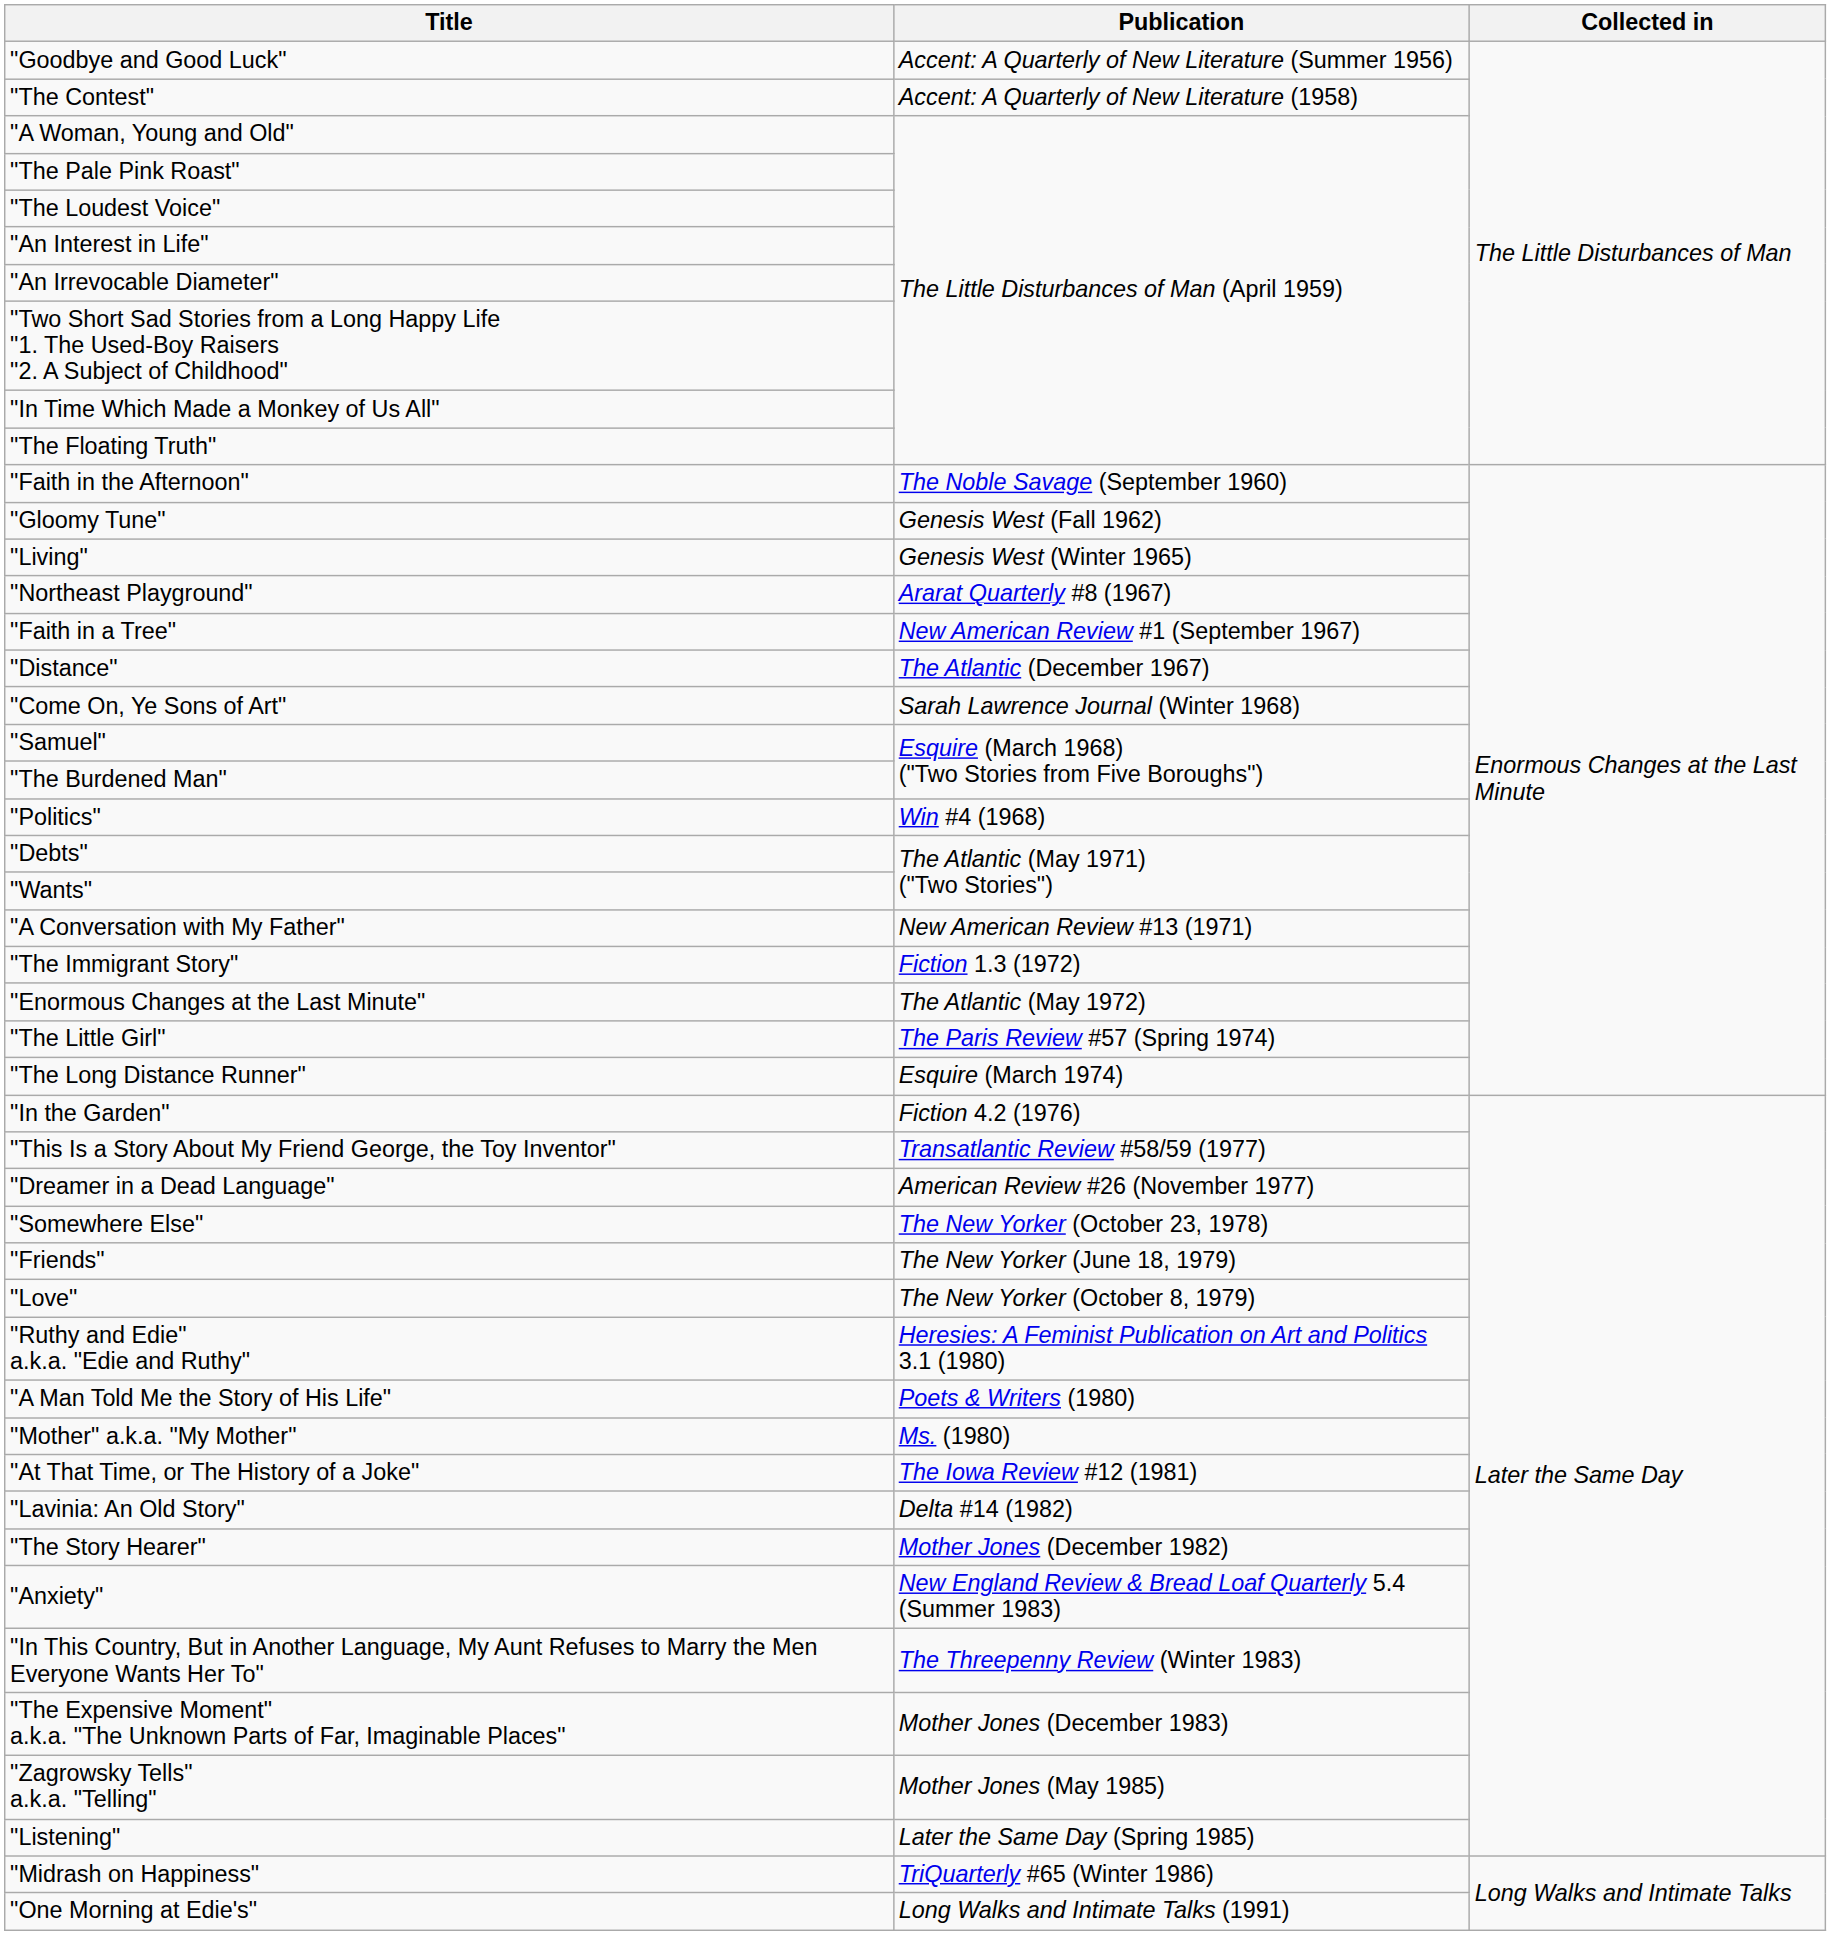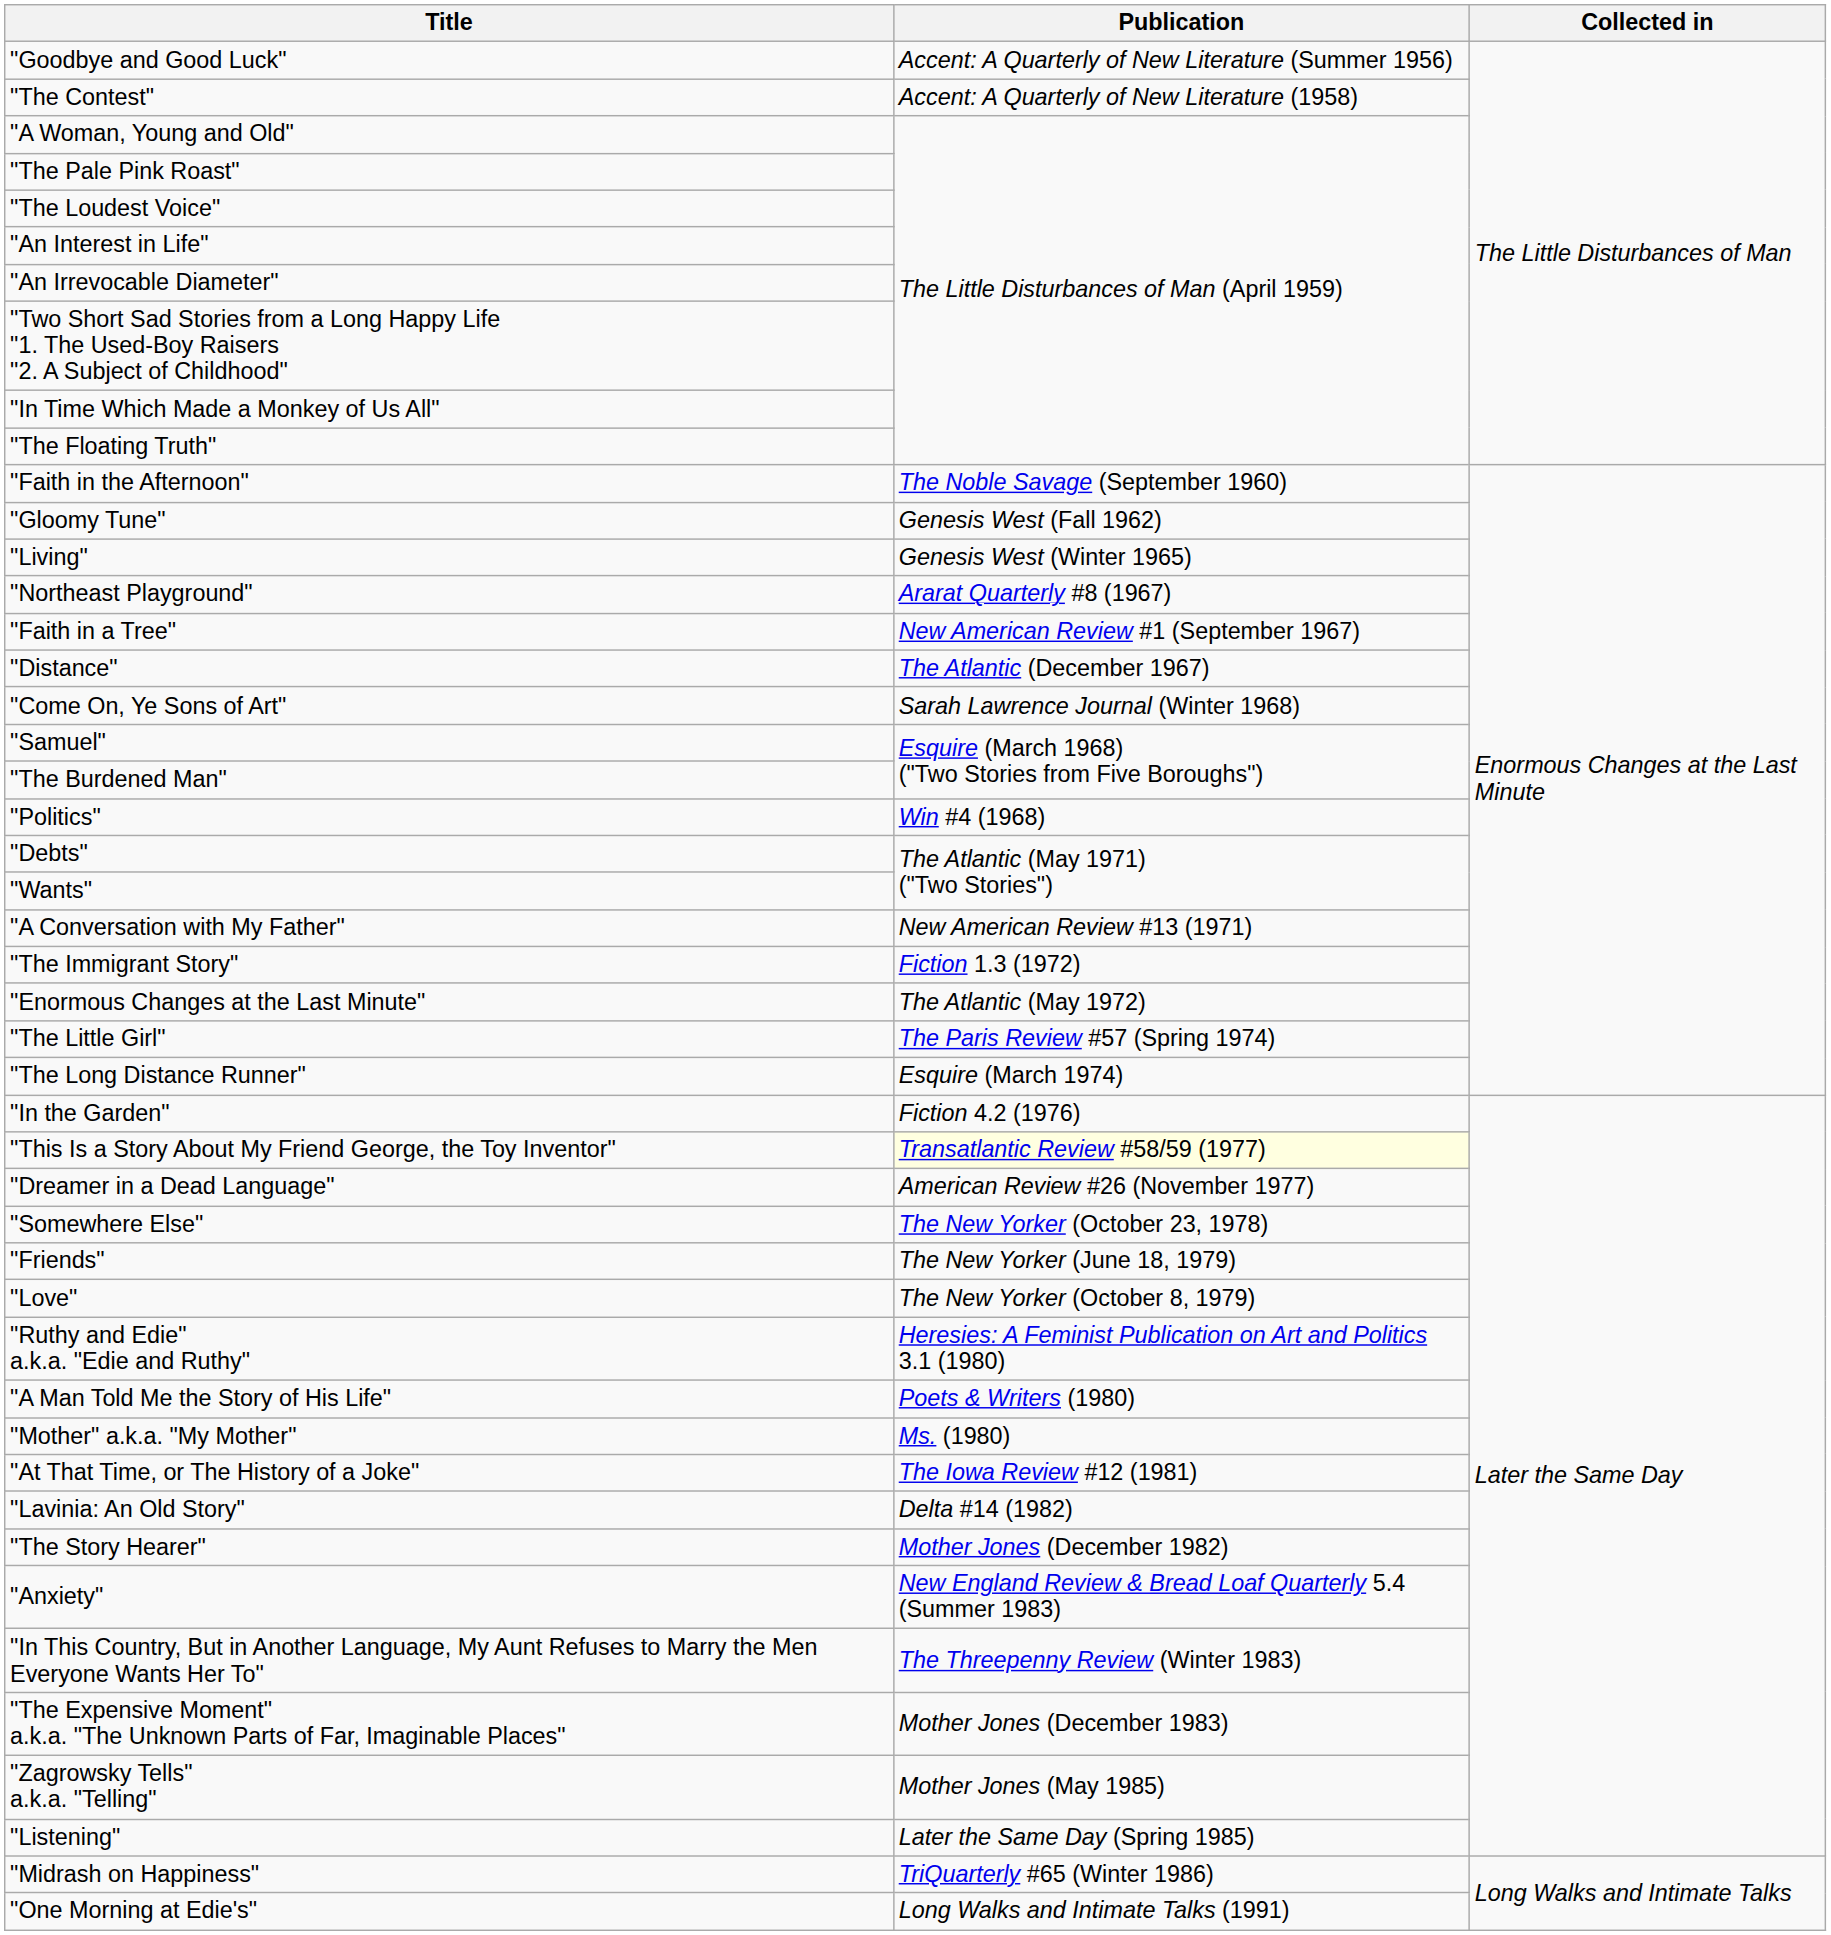 <table class="wikitable">
 <tr>
 <th>Title</th>
 <th>Publication</th>
 <th>Collected in</th>
 </tr>
 <tr>
 <td>"Goodbye and Good Luck"</td>
 <td><em>Accent: A Quarterly of New Literature</em> (Summer 1956)</td>
 <td rowspan=10><em>The Little Disturbances of Man</em></td>
 </tr>
 <tr>
 <td>"The Contest"</td>
 <td><em>Accent: A Quarterly of New Literature</em> (1958)</td>
 </tr>
 <tr>
 <td>"A Woman, Young and Old"</td>
 <td rowspan=8><em>The Little Disturbances of Man</em> (April 1959)</td>
 </tr>
 <tr>
 <td>"The Pale Pink Roast"</td>
 </tr>
 <tr>
 <td>"The Loudest Voice"</td>
 </tr>
 <tr>
 <td>"An Interest in Life"</td>
 </tr>
 <tr>
 <td>"An Irrevocable Diameter"</td>
 </tr>
 <tr>
 <td>"Two Short Sad Stories from a Long Happy Life<br>"1. The Used-Boy Raisers<br>"2. A Subject of Childhood"</td>
 </tr>
 <tr>
 <td>"In Time Which Made a Monkey of Us All"</td>
 </tr>
 <tr>
 <td>"The Floating Truth"</td>
 </tr>
 <tr>
 <td>"Faith in the Afternoon"</td>
 <td><em><a href='#'>The Noble Savage</a></em> (September 1960)</td>
 <td rowspan=17><em>Enormous Changes at the Last Minute</em></td>
 </tr>
 <tr>
 <td>"Gloomy Tune"</td>
 <td><em>Genesis West</em> (Fall 1962)</td>
 </tr>
 <tr>
 <td>"Living"</td>
 <td><em>Genesis West</em> (Winter 1965)</td>
 </tr>
 <tr>
 <td>"Northeast Playground"</td>
 <td><em><a href='#'>Ararat Quarterly</a></em> #8 (1967)</td>
 </tr>
 <tr>
 <td>"Faith in a Tree"</td>
 <td><em><a href='#'>New American Review</a></em> #1 (September 1967)</td>
 </tr>
 <tr>
 <td>"Distance"</td>
 <td><em><a href='#'>The Atlantic</a></em> (December 1967)</td>
 </tr>
 <tr>
 <td>"Come On, Ye Sons of Art"</td>
 <td><em>Sarah Lawrence Journal</em> (Winter 1968)</td>
 </tr>
 <tr>
 <td>"Samuel"</td>
 <td rowspan=2><em><a href='#'>Esquire</a></em> (March 1968)<br>("Two Stories from Five Boroughs")</td>
 </tr>
 <tr>
 <td>"The Burdened Man"</td>
 </tr>
 <tr>
 <td>"Politics"</td>
 <td><em><a href='#'>Win</a></em> #4 (1968)</td>
 </tr>
 <tr>
 <td>"Debts"</td>
 <td rowspan=2><em>The Atlantic</em> (May 1971)<br>("Two Stories")</td>
 </tr>
 <tr>
 <td>"Wants"</td>
 </tr>
 <tr>
 <td>"A Conversation with My Father"</td>
 <td><em>New American Review</em> #13 (1971)</td>
 </tr>
 <tr>
 <td>"The Immigrant Story"</td>
 <td><em><a href='#'>Fiction</a></em> 1.3 (1972)</td>
 </tr>
 <tr>
 <td>"Enormous Changes at the Last Minute"</td>
 <td><em>The Atlantic</em> (May 1972)</td>
 </tr>
 <tr>
 <td>"The Little Girl"</td>
 <td><em><a href='#'>The Paris Review</a></em> #57 (Spring 1974)</td>
 </tr>
 <tr>
 <td>"The Long Distance Runner"</td>
 <td><em>Esquire</em> (March 1974)</td>
 </tr>
 <tr>
 <td>"In the Garden"</td>
 <td><em>Fiction</em> 4.2 (1976)</td>
 <td rowspan=17><em>Later the Same Day</em></td>
 </tr>
 <tr>
 <td>"This Is a Story About My Friend George, the Toy Inventor"</td>
-<td><em><a href='#'>Transatlantic Review</a></em> #58/59 (1977)</td>
+<td style="background: lightyellow;"><em><a href='#'>Transatlantic Review</a></em> #58/59 (1977)</td>
 </tr>
 <tr>
 <td>"Dreamer in a Dead Language"</td>
 <td><em>American Review</em> #26 (November 1977)</td>
 </tr>
 <tr>
 <td>"Somewhere Else"</td>
 <td><em><a href='#'>The New Yorker</a></em> (October 23, 1978)</td>
 </tr>
 <tr>
 <td>"Friends"</td>
 <td><em>The New Yorker</em> (June 18, 1979)</td>
 </tr>
 <tr>
 <td>"Love"</td>
 <td><em>The New Yorker</em> (October 8, 1979)</td>
 </tr>
 <tr>
 <td>"Ruthy and Edie"<br>a.k.a. "Edie and Ruthy"</td>
 <td><em><a href='#'>Heresies: A Feminist Publication on Art and Politics</a></em> 3.1 (1980)</td>
 </tr>
 <tr>
 <td>"A Man Told Me the Story of His Life"</td>
 <td><em><a href='#'>Poets & Writers</a></em> (1980)</td>
 </tr>
 <tr>
 <td>"Mother" a.k.a. "My Mother"</td>
 <td><em><a href='#'>Ms.</a></em> (1980)</td>
 </tr>
 <tr>
 <td>"At That Time, or The History of a Joke"</td>
 <td><em><a href='#'>The Iowa Review</a></em> #12 (1981)</td>
 </tr>
 <tr>
 <td>"Lavinia: An Old Story"</td>
 <td><em>Delta</em> #14 (1982)</td>
 </tr>
 <tr>
 <td>"The Story Hearer"</td>
 <td><em><a href='#'>Mother Jones</a></em> (December 1982)</td>
 </tr>
 <tr>
 <td>"Anxiety"</td>
 <td><em><a href='#'>New England Review & Bread Loaf Quarterly</a></em> 5.4 (Summer 1983)</td>
 </tr>
 <tr>
 <td>"In This Country, But in Another Language, My Aunt Refuses to Marry the Men Everyone Wants Her To"</td>
 <td><em><a href='#'>The Threepenny Review</a></em> (Winter 1983)</td>
 </tr>
 <tr>
 <td>"The Expensive Moment"<br>a.k.a. "The Unknown Parts of Far, Imaginable Places"</td>
 <td><em>Mother Jones</em> (December 1983)</td>
 </tr>
 <tr>
 <td>"Zagrowsky Tells"<br>a.k.a. "Telling"</td>
 <td><em>Mother Jones</em> (May 1985)</td>
 </tr>
 <tr>
 <td>"Listening"</td>
 <td><em>Later the Same Day</em> (Spring 1985)</td>
 </tr>
 <tr>
 <td>"Midrash on Happiness"</td>
 <td><em><a href='#'>TriQuarterly</a></em> #65 (Winter 1986)</td>
 <td rowspan=2><em>Long Walks and Intimate Talks</em></td>
 </tr>
 <tr>
 <td>"One Morning at Edie's"</td>
 <td><em>Long Walks and Intimate Talks</em> (1991)</td>
 </tr>
 <tr>
 </tr>
 </table>
